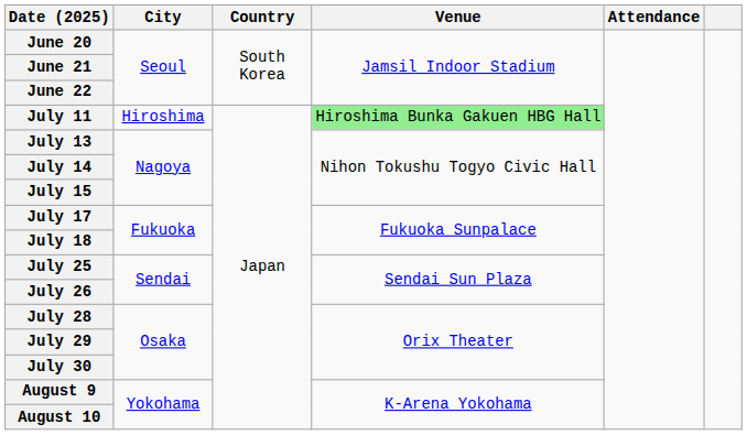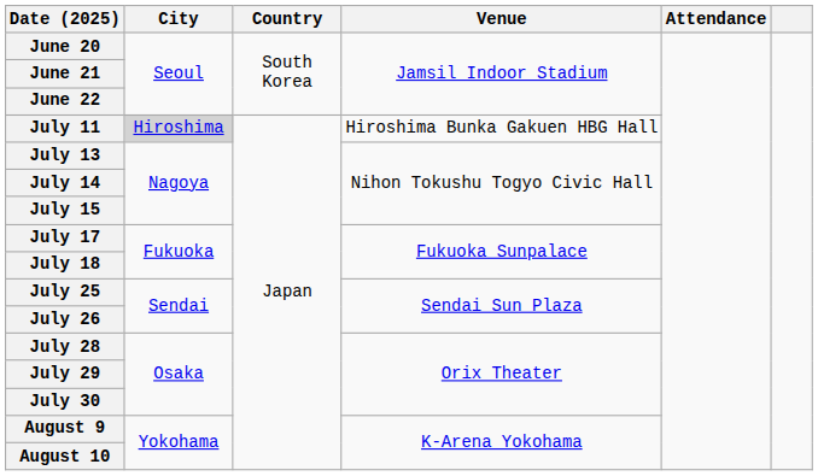 <table class="wikitable plainrowheaders" style="text-align:center;">
 <tr>
 <th scope="col">Date (2025)</th>
 <th scope="col" style="width:6em;">City</th>
 <th scope="col" style="width:6em;">Country</th>
 <th scope="col">Venue</th>
 <th scope="col">Attendance</th>
 <th scope="col" style="width:2em;"></th>
 </tr>
 <tr>
 <th scope="row">June 20</th>
 <td rowspan="3"><a href='#'>Seoul</a></td>
 <td rowspan="3">South Korea</td>
 <td rowspan="3"><a href='#'>Jamsil Indoor Stadium</a></td>
 <td rowspan="16"></td>
 <td rowspan="16"></td>
 </tr>
 <tr>
 <th scope="row">June 21</th>
 </tr>
 <tr>
 <th scope="row">June 22</th>
 </tr>
 <tr>
 <th scope="row">July 11</th>
-<td><a href='#'>Hiroshima</a></td>
+<td style="background: lightgrey;"><a href='#'>Hiroshima</a></td>
 <td rowspan="13">Japan</td>
-<td style="background: lightgreen;">Hiroshima Bunka Gakuen HBG Hall</td>
+<td>Hiroshima Bunka Gakuen HBG Hall</td>
 </tr>
 <tr>
 <th scope="row">July 13</th>
 <td rowspan="3"><a href='#'>Nagoya</a></td>
 <td rowspan="3">Nihon Tokushu Togyo Civic Hall</td>
 </tr>
 <tr>
 <th scope="row">July 14</th>
 </tr>
 <tr>
 <th scope="row">July 15</th>
 </tr>
 <tr>
 <th scope="row">July 17</th>
 <td rowspan="2"><a href='#'>Fukuoka</a></td>
 <td rowspan="2"><a href='#'>Fukuoka Sunpalace</a></td>
 </tr>
 <tr>
 <th scope="row">July 18</th>
 </tr>
 <tr>
 <th scope="row">July 25</th>
 <td rowspan="2"><a href='#'>Sendai</a></td>
 <td rowspan="2"><a href='#'>Sendai Sun Plaza</a></td>
 </tr>
 <tr>
 <th scope="row">July 26</th>
 </tr>
 <tr>
 <th scope="row">July 28</th>
 <td rowspan="3"><a href='#'>Osaka</a></td>
 <td rowspan="3"><a href='#'>Orix Theater</a></td>
 </tr>
 <tr>
 <th scope="row">July 29</th>
 </tr>
 <tr>
 <th scope="row">July 30</th>
 </tr>
 <tr>
 <th scope="row">August 9</th>
 <td rowspan="2"><a href='#'>Yokohama</a></td>
 <td rowspan="2"><a href='#'>K-Arena Yokohama</a></td>
 </tr>
 <tr>
 <th scope="row">August 10</th>
 </tr>
 </table>
